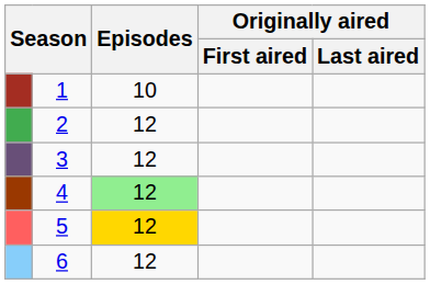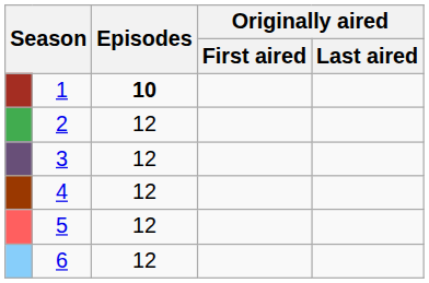 <table class="wikitable plainrowheaders" style="text-align:center;">
 <tr>
 <th colspan="2" rowspan="2">Season</th>
 <th rowspan="2">Episodes</th>
 <th colspan="2">Originally aired</th>
 </tr>
 <tr>
 <th>First aired</th>
 <th>Last aired</th>
 </tr>
 <tr>
 <td bgcolor="#A42D22"></td>
 <td><a href='#'>1</a></td>
-<td>10</td>
+<td><strong>10</strong></td>
 <td></td>
 <td></td>
 </tr>
 <tr>
 <td bgcolor="#41AC4F"></td>
 <td><a href='#'>2</a></td>
 <td>12</td>
 <td></td>
 <td></td>
 </tr>
 <tr>
 <td bgcolor="#684F78"></td>
 <td><a href='#'>3</a></td>
 <td>12</td>
 <td></td>
 <td></td>
 </tr>
 <tr>
 <td bgcolor="#9A3800"></td>
 <td><a href='#'>4</a></td>
-<td style="background: lightgreen;">12</td>
+<td>12</td>
 <td></td>
 <td></td>
 </tr>
 <tr>
 <td bgcolor="#FF5F5F"></td>
 <td><a href='#'>5</a></td>
-<td style="background: gold;">12</td>
+<td>12</td>
 <td></td>
 <td></td>
 </tr>
 <tr>
 <td bgcolor="87cefa"></td>
 <td><a href='#'>6</a></td>
 <td>12</td>
 <td></td>
 <td></td>
 </tr>
 </table>
